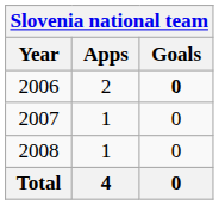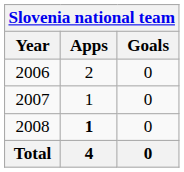 <table class="wikitable" style="text-align:center">
 <tr>
 <th colspan=3><a href='#'>Slovenia national team</a></th>
 </tr>
 <tr>
 <th>Year</th>
 <th>Apps</th>
 <th>Goals</th>
 </tr>
 <tr>
 <td>2006</td>
 <td>2</td>
-<td><strong>0</strong></td>
+<td>0</td>
 </tr>
 <tr>
 <td>2007</td>
 <td>1</td>
 <td>0</td>
 </tr>
 <tr>
 <td>2008</td>
-<td>1</td>
+<td><strong>1</strong></td>
 <td>0</td>
 </tr>
 <tr>
 <th>Total</th>
 <th>4</th>
 <th>0</th>
 </tr>
 </table>
